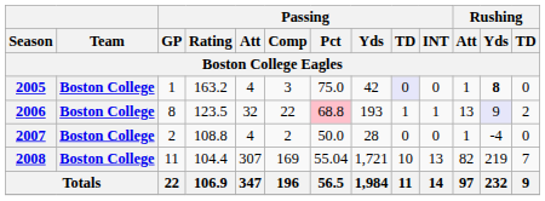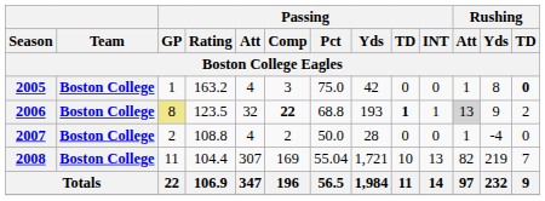 <table class="wikitable" style="text-align:center">
 <tr>
 <th colspan="2"></th>
 <th colspan="8">Passing</th>
 <th colspan="3">Rushing</th>
 </tr>
 <tr>
 <th>Season</th>
 <th>Team</th>
 <th>GP</th>
 <th>Rating</th>
 <th>Att</th>
 <th>Comp</th>
 <th>Pct</th>
 <th>Yds</th>
 <th>TD</th>
 <th>INT</th>
 <th>Att</th>
 <th>Yds</th>
 <th>TD</th>
 </tr>
 <tr>
 <th colspan="13">Boston College Eagles</th>
 </tr>
 <tr>
 <th><a href='#'>2005</a></th>
 <th><a href='#'>Boston College</a></th>
 <td>1</td>
 <td>163.2</td>
 <td>4</td>
 <td>3</td>
 <td>75.0</td>
 <td>42</td>
-<td style="background: lavender;">0</td>
+<td>0</td>
 <td>0</td>
 <td>1</td>
-<td><strong>8</strong></td>
-<td>0</td>
+<td>8</td>
+<td><strong>0</strong></td>
 </tr>
 <tr>
 <th><a href='#'>2006</a></th>
 <th><a href='#'>Boston College</a></th>
-<td>8</td>
+<td style="background: khaki;">8</td>
 <td>123.5</td>
 <td>32</td>
-<td>22</td>
-<td style="background: pink;">68.8</td>
+<td><strong>22</strong></td>
+<td>68.8</td>
 <td>193</td>
+<td><strong>1</strong></td>
 <td>1</td>
-<td>1</td>
-<td>13</td>
-<td style="background: lavender;">9</td>
+<td style="background: lightgrey;">13</td>
+<td>9</td>
 <td>2</td>
 </tr>
 <tr>
 <th><a href='#'>2007</a></th>
 <th><a href='#'>Boston College</a></th>
 <td>2</td>
 <td>108.8</td>
 <td>4</td>
 <td>2</td>
 <td>50.0</td>
 <td>28</td>
 <td>0</td>
 <td>0</td>
 <td>1</td>
 <td>-4</td>
 <td>0</td>
 </tr>
 <tr>
 <th><a href='#'>2008</a></th>
 <th><a href='#'>Boston College</a></th>
 <td>11</td>
 <td>104.4</td>
 <td>307</td>
 <td>169</td>
 <td>55.04</td>
 <td>1,721</td>
 <td>10</td>
 <td>13</td>
 <td>82</td>
 <td>219</td>
 <td>7</td>
 </tr>
 <tr style="background:#f0f0f0;">
 <th colspan=2>Totals</th>
 <th>22</th>
 <th>106.9</th>
 <th>347</th>
 <th>196</th>
 <th>56.5</th>
 <th>1,984</th>
 <th>11</th>
 <th>14</th>
 <th>97</th>
 <th>232</th>
 <th>9</th>
 </tr>
 <tr>
 </tr>
 </table>
